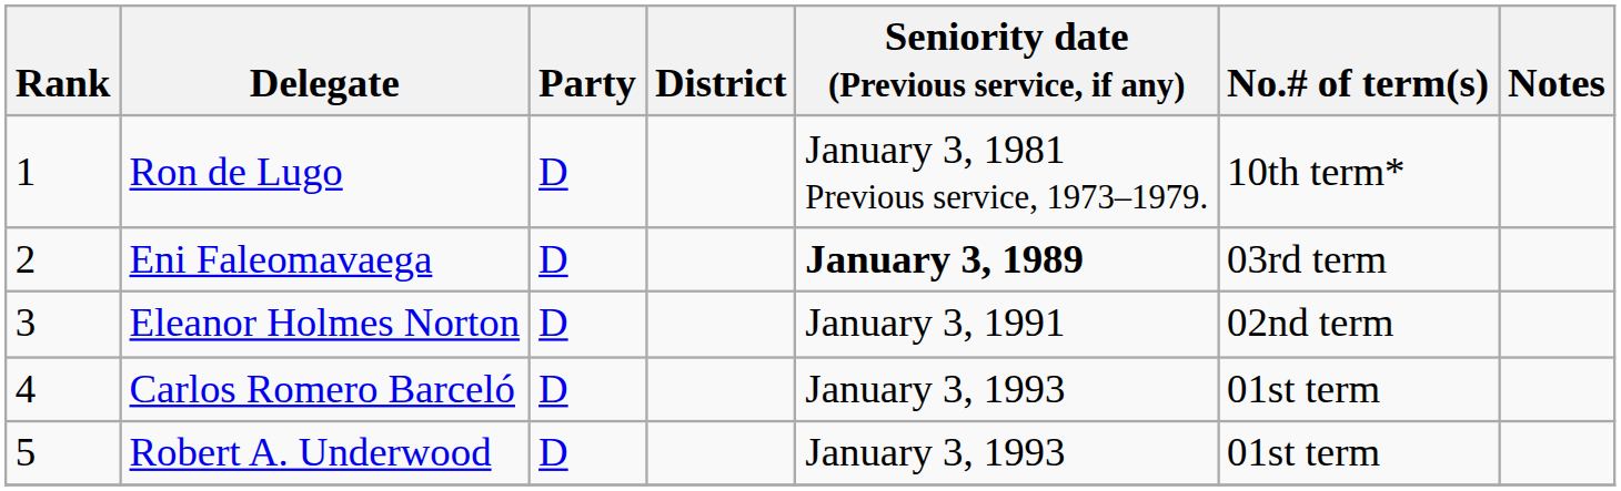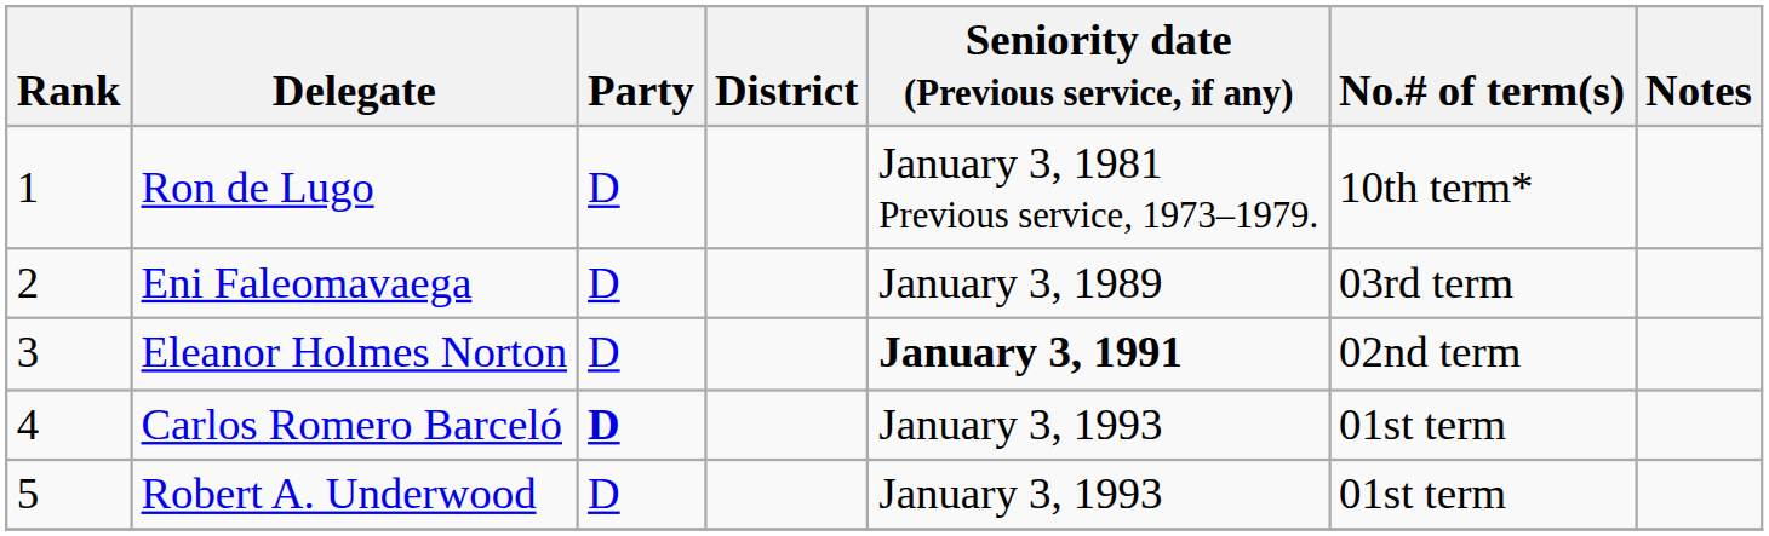 <table class="wikitable sortable">
 <tr valign=bottom>
 <th>Rank</th>
 <th>Delegate</th>
 <th>Party</th>
 <th>District</th>
 <th>Seniority date<br><small>(Previous service, if any)</small><br></th>
 <th>No.# of term(s)</th>
 <th>Notes</th>
 </tr>
 <tr>
 <td>1</td>
 <td><a href='#'>Ron de Lugo</a></td>
 <td><a href='#'>D</a></td>
 <td></td>
 <td>January 3, 1981<br><small>Previous service, 1973–1979. </small></td>
 <td>10th term*</td>
 <td></td>
 </tr>
 <tr>
 <td>2</td>
 <td><a href='#'>Eni Faleomavaega</a></td>
 <td><a href='#'>D</a></td>
 <td></td>
-<td><strong>January 3, 1989</strong></td>
+<td>January 3, 1989</td>
 <td>03rd term</td>
 <td></td>
 </tr>
 <tr>
 <td>3</td>
 <td><a href='#'>Eleanor Holmes Norton</a></td>
 <td><a href='#'>D</a></td>
 <td></td>
-<td>January 3, 1991</td>
+<td><strong>January 3, 1991</strong></td>
 <td>02nd term</td>
 <td></td>
 </tr>
 <tr>
 <td>4</td>
 <td><a href='#'>Carlos Romero Barceló</a></td>
-<td><a href='#'>D</a></td>
+<td><strong><a href='#'>D</a></strong></td>
 <td></td>
 <td>January 3, 1993</td>
 <td>01st term</td>
 <td></td>
 </tr>
 <tr>
 <td>5</td>
 <td><a href='#'>Robert A. Underwood</a></td>
 <td><a href='#'>D</a></td>
 <td></td>
 <td>January 3, 1993</td>
 <td>01st term</td>
 <td></td>
 </tr>
 <tr>
 </tr>
 </table>
